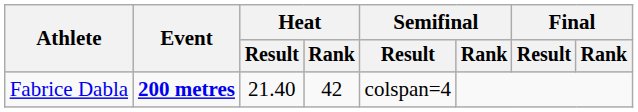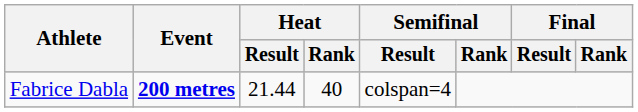 <table class="wikitable" style="font-size:90%">
 <tr>
 <th rowspan="2">Athlete</th>
 <th rowspan="2">Event</th>
 <th colspan="2">Heat</th>
 <th colspan="2">Semifinal</th>
 <th colspan="2">Final</th>
 </tr>
 <tr style="font-size:95%">
 <th>Result</th>
 <th>Rank</th>
 <th>Result</th>
 <th>Rank</th>
 <th>Result</th>
 <th>Rank</th>
 </tr>
 <tr style=text-align:center>
 <td style=text-align:left><a href='#'>Fabrice Dabla</a></td>
 <td style=text-align:left><strong><a href='#'>200 metres</a></strong></td>
-<td>21.40</td>
-<td>42</td>
+<td>21.44</td>
+<td>40</td>
 <td>colspan=4 </td>
 </tr>
 </table>
